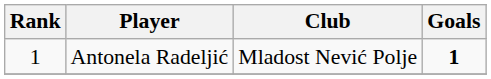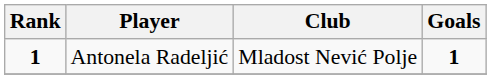 <table class="wikitable" style="text-align: center;">
 <tr>
 <th>Rank</th>
 <th>Player</th>
 <th>Club</th>
 <th>Goals</th>
 </tr>
 <tr>
-<td rowspan="1">1</td>
+<td rowspan="1"><strong>1</strong></td>
 <td align="left">Antonela Radeljić</td>
 <td align="left"> Mladost Nević Polje</td>
 <td rowspan="1"><strong>1</strong></td>
 </tr>
 <tr>
 </tr>
 </table>
